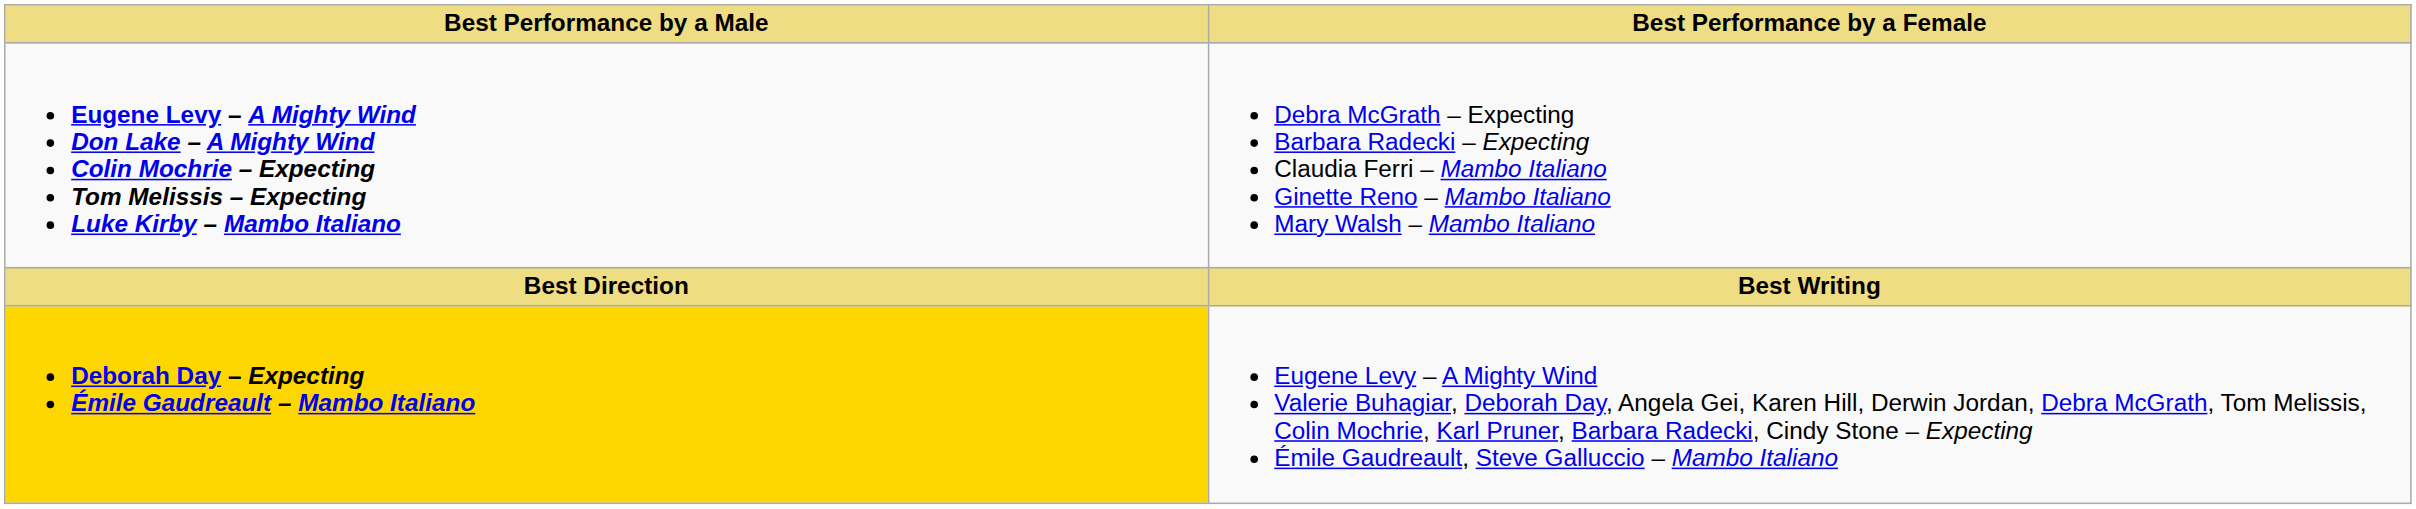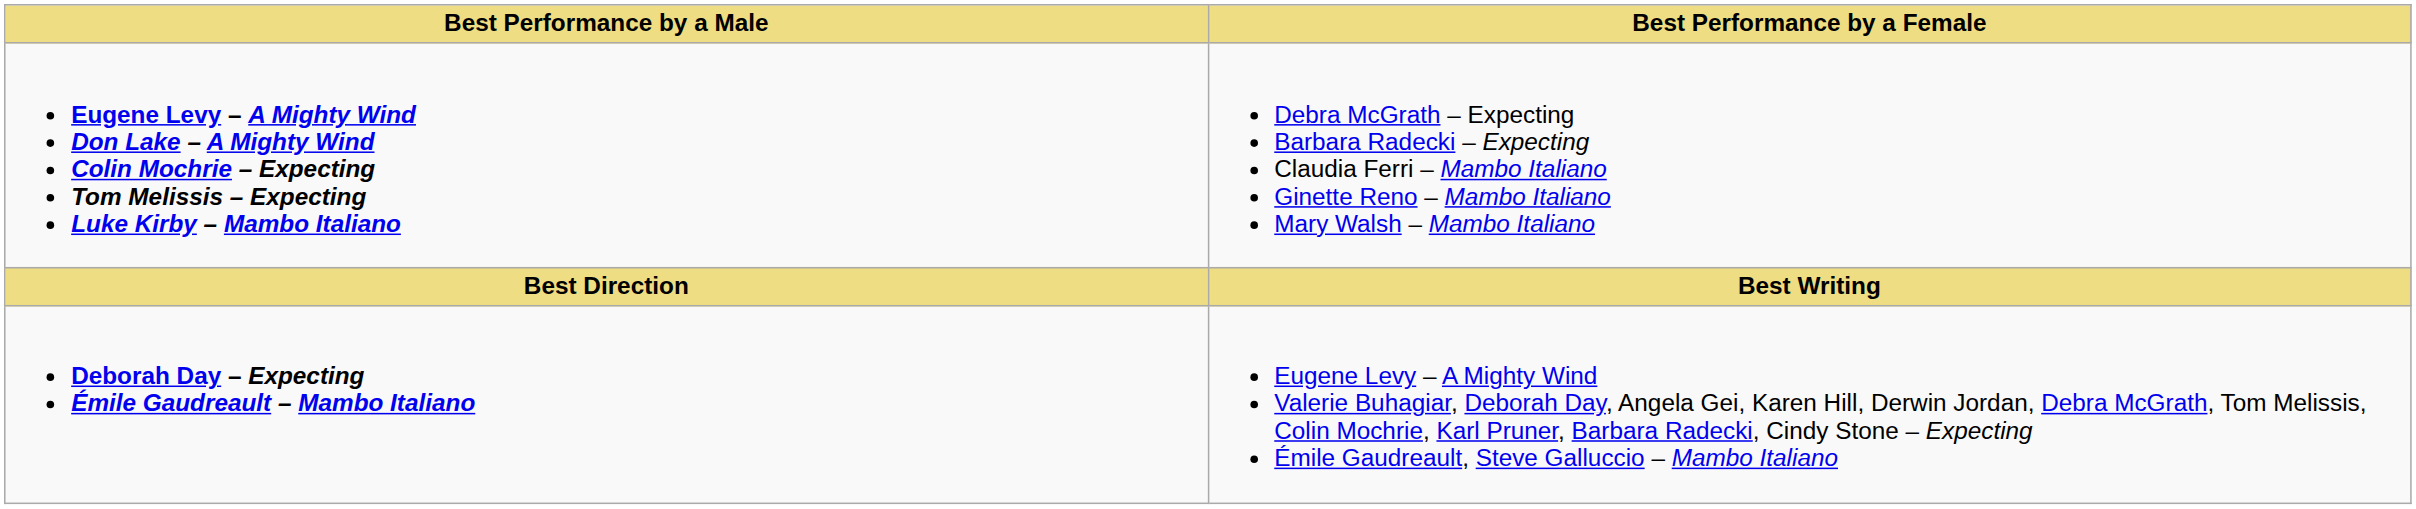 <table class="wikitable" style="width:100%;">
 <tr>
 <th style="background:#EEDD82; width:50%">Best Performance by a Male</th>
 <th style="background:#EEDD82; width:50%">Best Performance by a Female</th>
 </tr>
 <tr>
 <td valign="top"><br><ul><li> <strong><a href='#'>Eugene Levy</a> – <em><a href='#'>A Mighty Wind</a><strong><em></li><li><a href='#'>Don Lake</a> – </em><a href='#'>A Mighty Wind</a><em></li><li><a href='#'>Colin Mochrie</a> – </em>Expecting<em></li><li>Tom Melissis – </em>Expecting<em></li><li><a href='#'>Luke Kirby</a> – </em><a href='#'>Mambo Italiano</a><em></li></ul></td>
 <td valign="top"><br><ul><li> </strong><a href='#'>Debra McGrath</a> – </em>Expecting</em></strong></li><li><a href='#'>Barbara Radecki</a> – <em>Expecting</em></li><li>Claudia Ferri – <em><a href='#'>Mambo Italiano</a></em></li><li><a href='#'>Ginette Reno</a> – <em><a href='#'>Mambo Italiano</a></em></li><li><a href='#'>Mary Walsh</a> – <em><a href='#'>Mambo Italiano</a></em></li></ul></td>
 </tr>
 <tr>
 <th style="background:#EEDD82; width:50%">Best Direction</th>
 <th style="background:#EEDD82; width:50%">Best Writing</th>
 </tr>
 <tr>
-<td valign="top" style="background: gold;"><br><ul><li> <strong><a href='#'>Deborah Day</a> – <em>Expecting<strong><em></li><li><a href='#'>Émile Gaudreault</a> – </em><a href='#'>Mambo Italiano</a><em></li></ul></td>
+<td valign="top"><br><ul><li> <strong><a href='#'>Deborah Day</a> – <em>Expecting<strong><em></li><li><a href='#'>Émile Gaudreault</a> – </em><a href='#'>Mambo Italiano</a><em></li></ul></td>
 <td valign="top"><br><ul><li> </strong><a href='#'>Eugene Levy</a> – </em><a href='#'>A Mighty Wind</a></em></strong></li><li><a href='#'>Valerie Buhagiar</a>, <a href='#'>Deborah Day</a>, Angela Gei, Karen Hill, Derwin Jordan, <a href='#'>Debra McGrath</a>, Tom Melissis, <a href='#'>Colin Mochrie</a>, <a href='#'>Karl Pruner</a>, <a href='#'>Barbara Radecki</a>, Cindy Stone – <em>Expecting</em></li><li><a href='#'>Émile Gaudreault</a>, <a href='#'>Steve Galluccio</a> – <em><a href='#'>Mambo Italiano</a></em></li></ul></td>
 </tr>
 </table>
